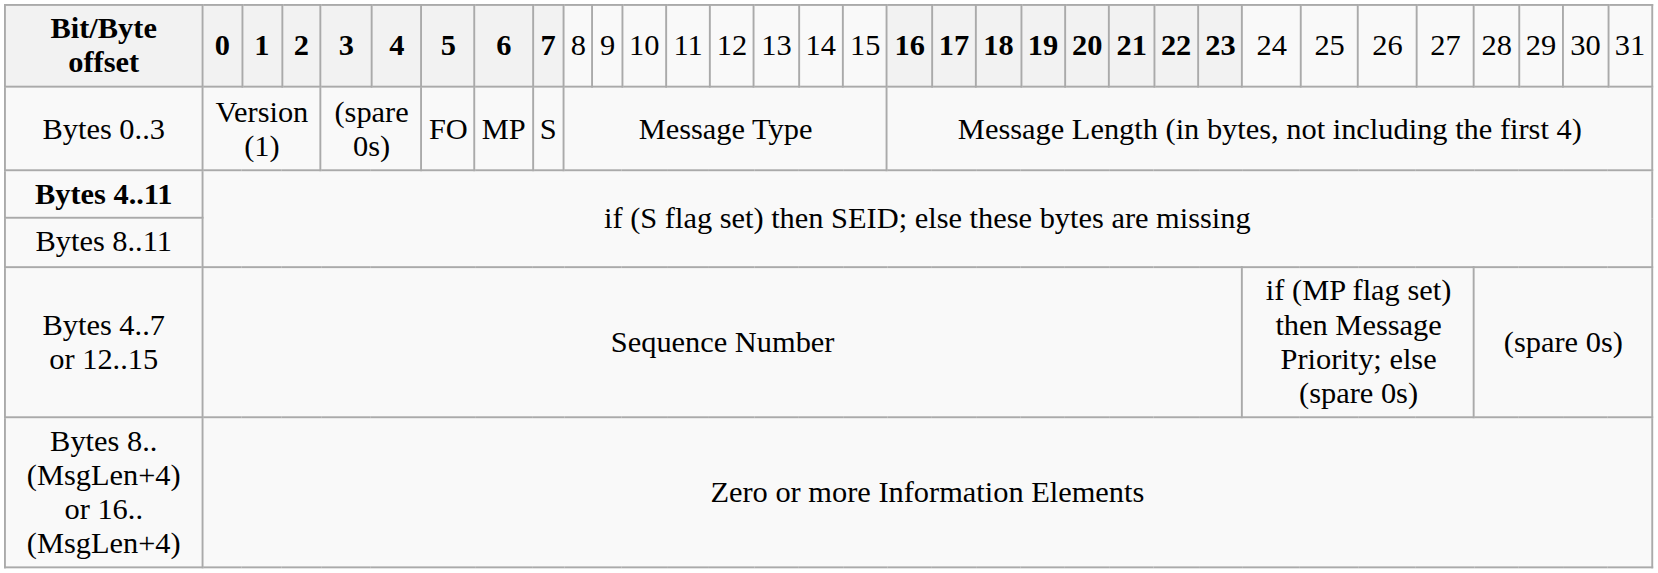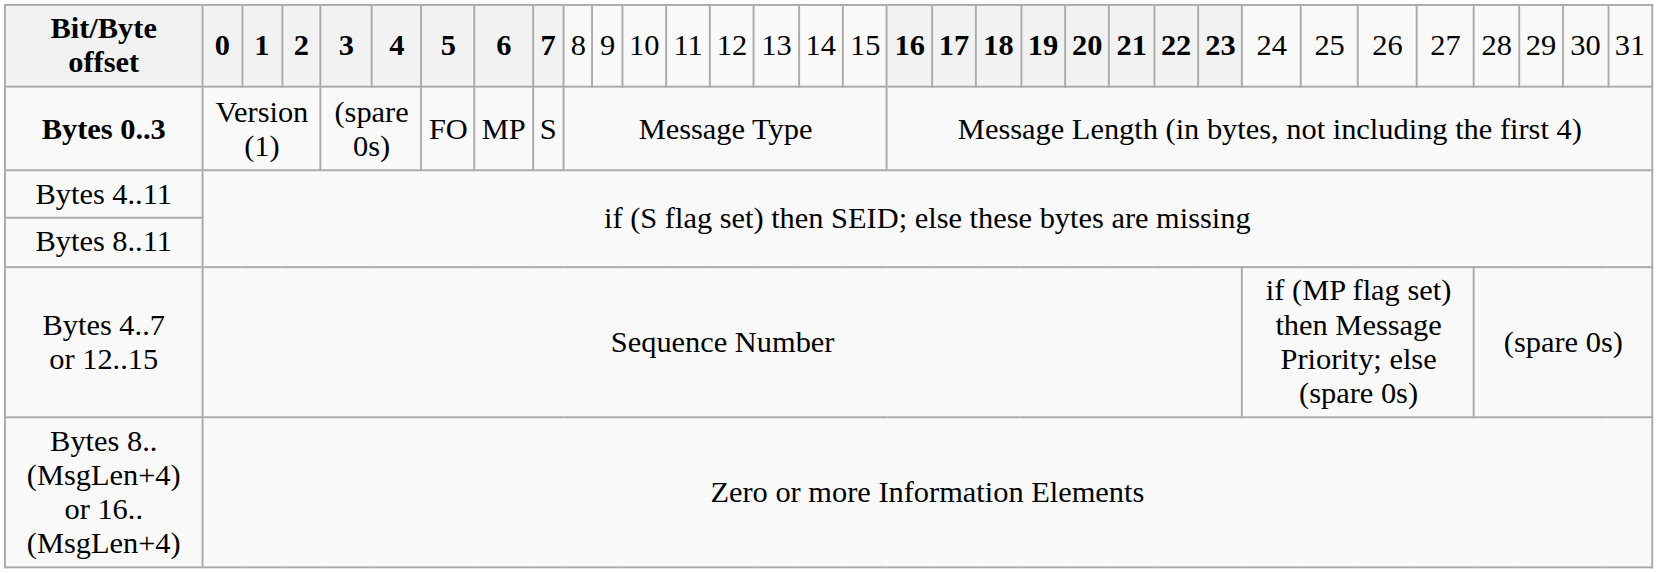 <table class="wikitable" style="text-align: center;">
 <tr>
 <th>Bit/Byte offset</th>
 <th>0</th>
 <th>1</th>
 <th>2</th>
 <th>3</th>
 <th>4</th>
 <th>5</th>
 <th>6</th>
 <th>7</th>
 <td>8</td>
 <td>9</td>
 <td>10</td>
 <td>11</td>
 <td>12</td>
 <td>13</td>
 <td>14</td>
 <td>15</td>
 <th>16</th>
 <th>17</th>
 <th>18</th>
 <th>19</th>
 <th>20</th>
 <th>21</th>
 <th>22</th>
 <th>23</th>
 <td>24</td>
 <td>25</td>
 <td>26</td>
 <td>27</td>
 <td>28</td>
 <td>29</td>
 <td>30</td>
 <td>31</td>
 </tr>
 <tr>
-<td>Bytes 0..3</td>
+<td><strong>Bytes 0..3</strong></td>
 <td colspan="3">Version (1)</td>
 <td colspan="2">(spare 0s)</td>
 <td>FO</td>
 <td>MP</td>
 <td>S</td>
 <td colspan="8">Message Type</td>
 <td colspan="16">Message Length (in bytes, not including the first 4)</td>
 </tr>
 <tr>
-<td><strong>Bytes 4..11</strong></td>
+<td>Bytes 4..11</td>
 <td colspan="32" rowspan="2">if (S flag set) then SEID; else these bytes are missing</td>
 </tr>
 <tr>
 <td>Bytes 8..11</td>
 </tr>
 <tr>
 <td>Bytes 4..7<br>or 12..15</td>
 <td colspan="24">Sequence Number</td>
 <td colspan="4">if (MP flag set) then Message<br>Priority; else (spare 0s)</td>
 <td colspan="4">(spare 0s)</td>
 </tr>
 <tr>
 <td>Bytes 8..(MsgLen+4)<br>or 16..(MsgLen+4)</td>
 <td colspan="32">Zero or more Information Elements</td>
 </tr>
 </table>
